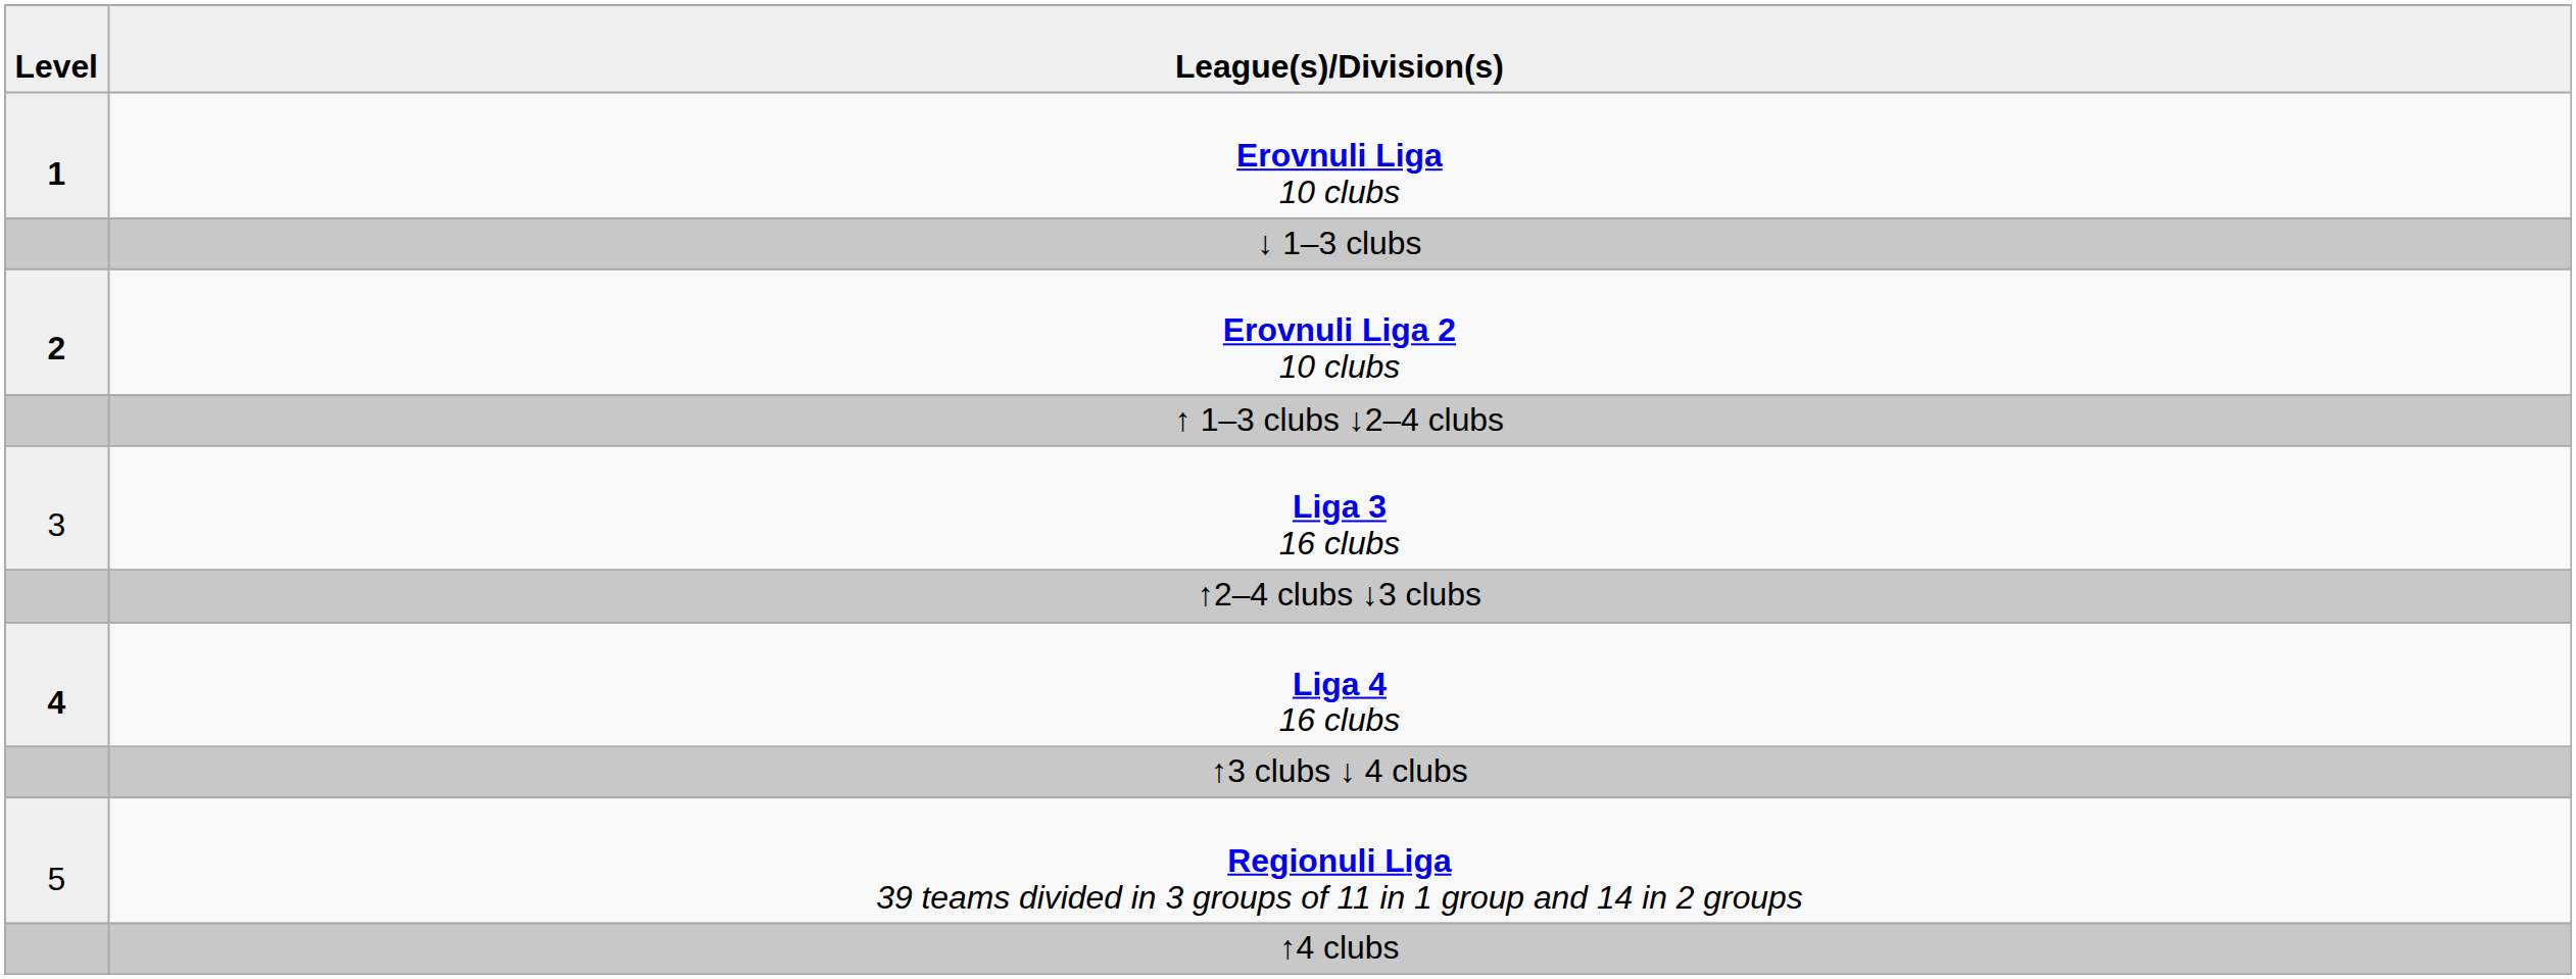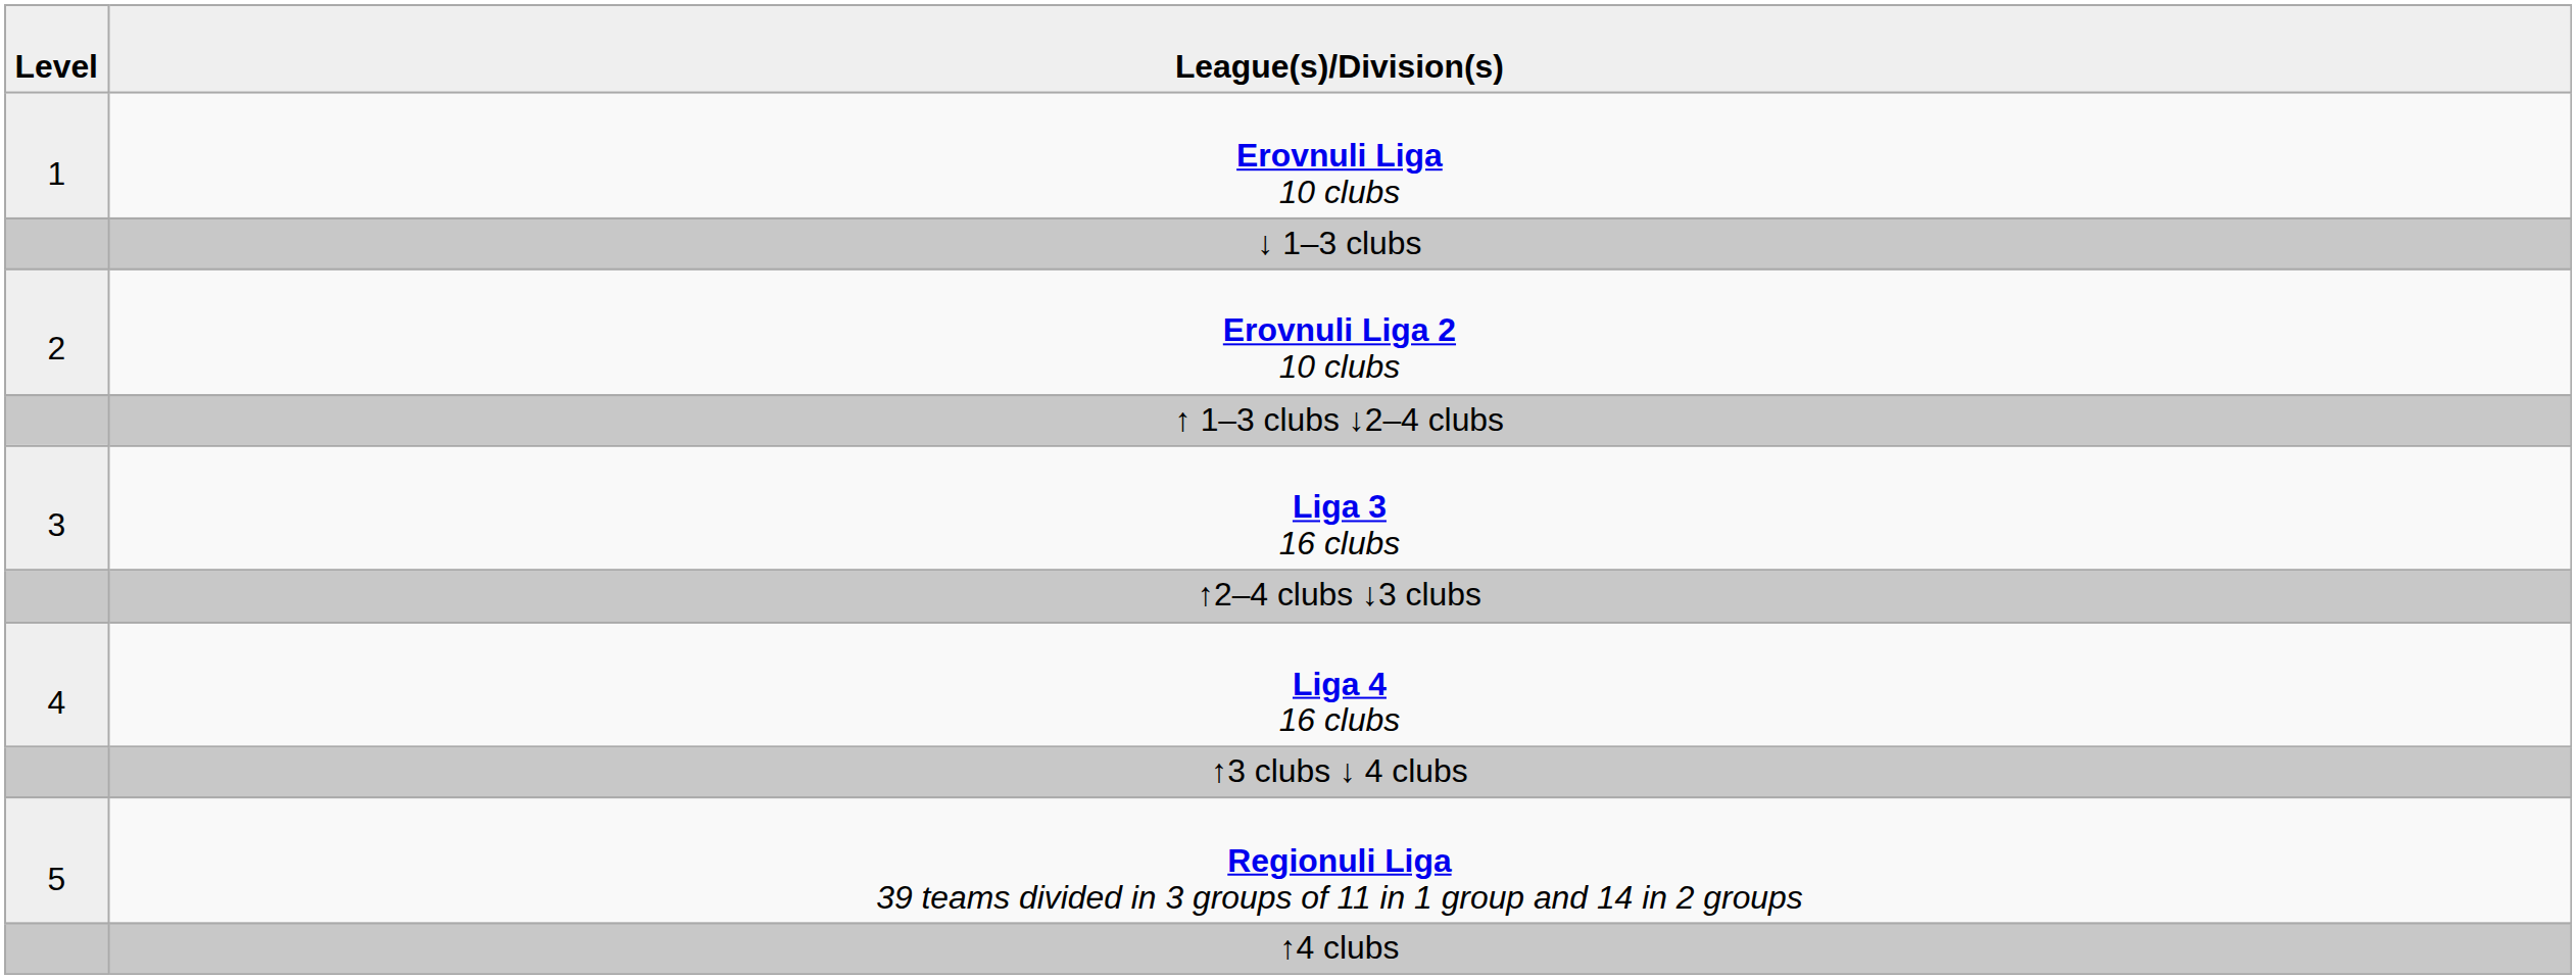 <table class="wikitable" style="text-align:center; width:100%;">
 <tr style="background:#efefef;">
 <td style="width:4%; text-align:center;"><br><strong>Level</strong></td>
 <td colspan="6"  style="width:96%; text-align:center;"><br><strong>League(s)/Division(s)</strong></td>
 </tr>
 <tr>
-<td style="text-align:center; width:4%; background:#efefef;"><strong><br>1</strong></td>
+<td style="text-align:center; width:4%; background:#efefef;"><br>1</td>
 <td colspan="6"  style="width:96%; text-align:center;"><br><strong><a href='#'>Erovnuli Liga</a></strong><br> <em>10 clubs</em><br></td>
 </tr>
 <tr style="background:#c8c8c8">
 <td style="width:4%;"></td>
 <td colspan="6" style="width:96%;">↓ 1–3 clubs</td>
 </tr>
 <tr>
-<td style="text-align:center; width:4%; background:#efefef;"><strong><br>2</strong></td>
+<td style="text-align:center; width:4%; background:#efefef;"><br>2</td>
 <td colspan="6"  style="width:96%; text-align:center;"><br><strong><a href='#'>Erovnuli Liga 2</a></strong><br> <em>10 clubs</em><br></td>
 </tr>
 <tr style="background:#c8c8c8">
 <td style="width:4%;"></td>
 <td colspan="6" style="width:96%;">↑ 1–3 clubs ↓2–4 clubs</td>
 </tr>
 <tr>
 <td style="text-align:center; width:4%; background:#efefef;"><br>3</td>
 <td colspan="6"  style="width:96%; text-align:center;"><br><strong><a href='#'>Liga 3</a></strong><br> <em>16 clubs</em><br></td>
 </tr>
 <tr style="background:#c8c8c8">
 <td style="width:4%;"></td>
 <td colspan="6" style="width:96%;">↑2–4 clubs ↓3 clubs</td>
 </tr>
 <tr>
-<td style="text-align:center; width:4%; background:#efefef;"><strong><br>4</strong></td>
+<td style="text-align:center; width:4%; background:#efefef;"><br>4</td>
 <td colspan="6"  style="width:96%; text-align:center;"><br><strong><a href='#'>Liga 4</a></strong><br> <em>16 clubs</em><br></td>
 </tr>
 <tr style="background:#c8c8c8">
 <td style="width:4%;"></td>
 <td colspan="6" style="width:96%;">↑3 clubs ↓ 4 clubs</td>
 </tr>
 <tr>
 <td style="text-align:center; width:4%; background:#efefef;"><br>5</td>
 <td colspan="6"  style="width:96%; text-align:center;"><br><strong><a href='#'>Regionuli Liga</a></strong><br> <em>39 teams divided in 3 groups of 11 in 1 group and 14 in 2 groups</em></td>
 </tr>
 <tr style="background:#c8c8c8">
 <td style="width:4%;"></td>
 <td colspan="6" style="width:96%;">↑4 clubs</td>
 </tr>
 </table>
